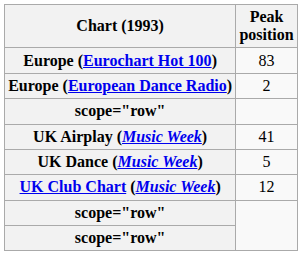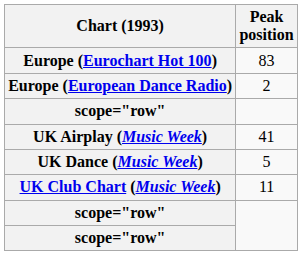 <table class="wikitable sortable plainrowheaders">
 <tr>
 <th scope="col">Chart (1993)</th>
 <th scope="col">Peak<br>position</th>
 </tr>
 <tr>
 <th scope="row">Europe (<a href='#'>Eurochart Hot 100</a>)</th>
 <td align="center">83</td>
 </tr>
 <tr>
 <th scope="row">Europe (<a href='#'>European Dance Radio</a>)</th>
 <td align="center">2</td>
 </tr>
 <tr>
 <th>scope="row" </th>
 </tr>
 <tr>
 <th scope="row">UK Airplay (<em><a href='#'>Music Week</a></em>)</th>
 <td align="center">41</td>
 </tr>
 <tr>
 <th scope="row">UK Dance (<em><a href='#'>Music Week</a></em>)</th>
 <td align="center">5</td>
 </tr>
 <tr>
 <th scope="row"><a href='#'>UK Club Chart</a> (<em><a href='#'>Music Week</a></em>)</th>
-<td align="center">12</td>
+<td align="center">11</td>
 </tr>
 <tr>
 <th>scope="row" </th>
 </tr>
 <tr>
 <th>scope="row" </th>
 </tr>
 </table>
